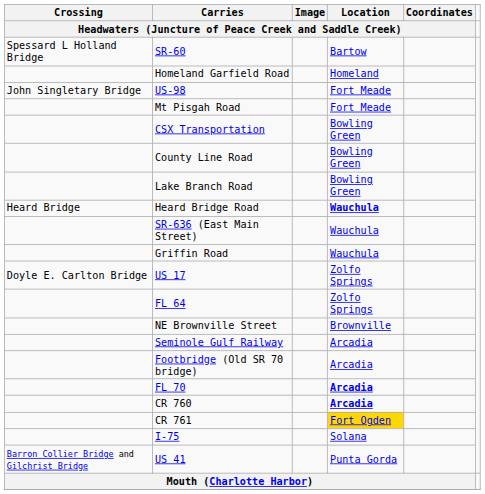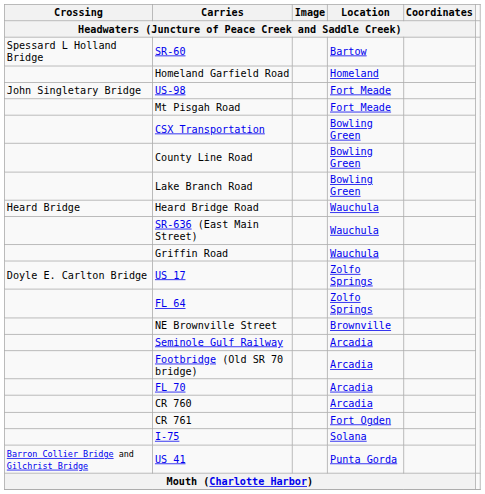 <table class="wikitable">
 <tr>
 <th>Crossing</th>
 <th>Carries</th>
 <th>Image</th>
 <th>Location</th>
 <th>Coordinates</th>
 </tr>
 <tr>
 <th colspan="5">Headwaters (Juncture of Peace Creek and Saddle Creek)</th>
 <td></td>
 </tr>
 <tr>
 <td>Spessard L Holland Bridge</td>
 <td> <a href='#'>SR-60</a></td>
 <td></td>
 <td><a href='#'>Bartow</a></td>
 <td></td>
 </tr>
 <tr>
 <td></td>
 <td> Homeland Garfield Road</td>
 <td></td>
 <td><a href='#'>Homeland</a></td>
 <td></td>
 </tr>
 <tr>
 <td>John Singletary Bridge</td>
 <td> <a href='#'>US-98</a></td>
 <td></td>
 <td><a href='#'>Fort Meade</a></td>
 <td></td>
 </tr>
 <tr>
 <td></td>
 <td>Mt Pisgah Road</td>
 <td></td>
 <td><a href='#'>Fort Meade</a></td>
 <td></td>
 </tr>
 <tr>
 <td></td>
 <td> <a href='#'>CSX Transportation</a></td>
 <td></td>
 <td><a href='#'>Bowling Green</a></td>
 <td></td>
 </tr>
 <tr>
 <td></td>
 <td> County Line Road</td>
 <td></td>
 <td><a href='#'>Bowling Green</a></td>
 <td></td>
 </tr>
 <tr>
 <td></td>
 <td> Lake Branch Road</td>
 <td></td>
 <td><a href='#'>Bowling Green</a></td>
 <td></td>
 </tr>
 <tr>
 <td>Heard Bridge</td>
 <td>Heard Bridge Road</td>
 <td></td>
-<td><strong><a href='#'>Wauchula</a></strong></td>
+<td><a href='#'>Wauchula</a></td>
 <td></td>
 </tr>
 <tr>
 <td><small></small></td>
 <td> <a href='#'>SR-636</a> (East Main Street)</td>
 <td></td>
 <td><a href='#'>Wauchula</a></td>
 <td></td>
 </tr>
 <tr>
 <td></td>
 <td> Griffin Road</td>
 <td></td>
 <td><a href='#'>Wauchula</a></td>
 <td></td>
 </tr>
 <tr>
 <td>Doyle E. Carlton Bridge</td>
 <td> <a href='#'>US 17</a></td>
 <td></td>
 <td><a href='#'>Zolfo Springs</a></td>
 <td></td>
 </tr>
 <tr>
 <td><small></small></td>
 <td> <a href='#'>FL 64</a></td>
 <td></td>
 <td><a href='#'>Zolfo Springs</a></td>
 <td></td>
 </tr>
 <tr>
 <td></td>
 <td>NE Brownville Street</td>
 <td></td>
 <td><a href='#'>Brownville</a></td>
 <td></td>
 </tr>
 <tr>
 <td></td>
 <td><a href='#'>Seminole Gulf Railway</a></td>
 <td></td>
 <td><a href='#'>Arcadia</a></td>
 <td></td>
 </tr>
 <tr>
 <td></td>
 <td><a href='#'>Footbridge</a> (Old SR 70 bridge)</td>
 <td></td>
 <td><a href='#'>Arcadia</a></td>
 <td></td>
 </tr>
 <tr>
 <td></td>
 <td> <a href='#'>FL 70</a></td>
 <td></td>
-<td><strong><a href='#'>Arcadia</a></strong></td>
+<td><a href='#'>Arcadia</a></td>
 <td></td>
 </tr>
 <tr>
 <td></td>
 <td> CR 760</td>
 <td></td>
-<td><strong><a href='#'>Arcadia</a></strong></td>
+<td><a href='#'>Arcadia</a></td>
 <td></td>
 </tr>
 <tr>
 <td></td>
 <td> CR 761</td>
 <td></td>
-<td style="background: gold;"><a href='#'>Fort Ogden</a></td>
+<td><a href='#'>Fort Ogden</a></td>
 <td></td>
 </tr>
 <tr>
 <td></td>
 <td> <a href='#'>I-75</a></td>
 <td></td>
 <td><a href='#'>Solana</a></td>
 <td></td>
 </tr>
 <tr>
 <td><small><a href='#'>Barron Collier Bridge</a> and <a href='#'>Gilchrist Bridge</a></small></td>
 <td> <a href='#'>US 41</a></td>
 <td></td>
 <td><a href='#'>Punta Gorda</a></td>
 <td></td>
 </tr>
 <tr>
 <th colspan="5">Mouth (<a href='#'>Charlotte Harbor</a>)</th>
 <td></td>
 </tr>
 <tr>
 </tr>
 </table>
